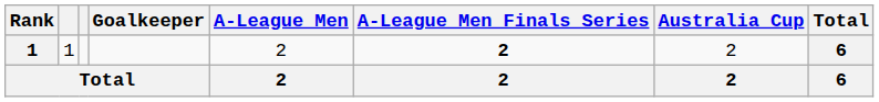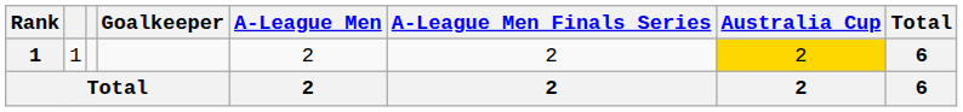 <table class="wikitable" style="text-align:center">
 <tr>
 <th>Rank</th>
 <th></th>
 <th></th>
 <th>Goalkeeper</th>
 <th><a href='#'>A-League Men</a></th>
 <th><a href='#'>A-League Men Finals Series</a></th>
 <th><a href='#'>Australia Cup</a></th>
 <th>Total</th>
 </tr>
 <tr>
 <th>1</th>
 <td>1</td>
 <td></td>
 <td align="left"></td>
 <td>2</td>
-<td><strong>2</strong></td>
 <td>2</td>
+<td style="background: gold;">2</td>
 <th>6</th>
 </tr>
 <tr>
 <th colspan="4">Total</th>
 <th>2</th>
 <th>2</th>
 <th>2</th>
 <th>6</th>
 </tr>
 </table>
